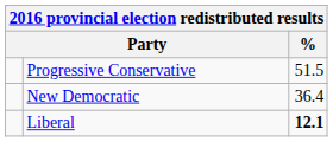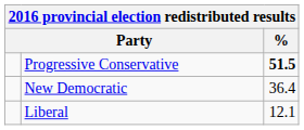 <table class="wikitable">
 <tr>
 <th colspan="4"><a href='#'>2016 provincial election</a> redistributed results</th>
 </tr>
 <tr>
 <th bgcolor="#DDDDFF" width="130px" colspan="2">Party</th>
 <th bgcolor="#DDDDFF" width="30px">%</th>
 </tr>
 <tr>
 <td> </td>
 <td><a href='#'>Progressive Conservative</a></td>
-<td align=right>51.5</td>
+<td align=right><strong>51.5</strong></td>
 </tr>
 <tr>
 <td> </td>
 <td><a href='#'>New Democratic</a></td>
 <td align=right>36.4</td>
 </tr>
 <tr>
 <td> </td>
 <td><a href='#'>Liberal</a></td>
-<td align=right><strong>12.1</strong></td>
+<td align=right>12.1</td>
 </tr>
 </table>
